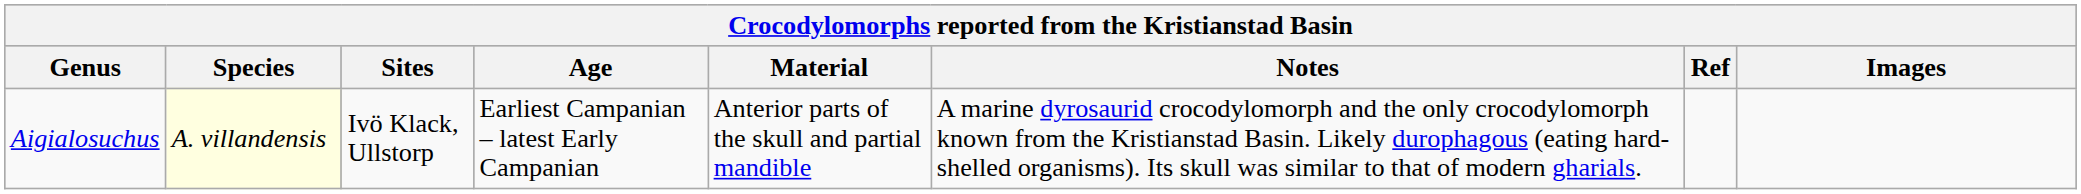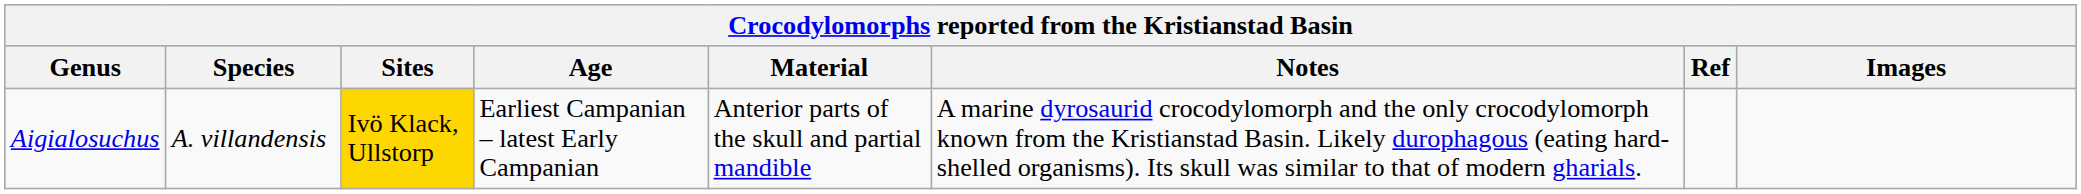 <table class="wikitable sortable mw-collapsible" style="width:100%">
 <tr>
 <th colspan="8" style="text-align:center;"><strong><a href='#'>Crocodylomorphs</a> reported from the Kristianstad Basin</strong></th>
 </tr>
 <tr>
 <th>Genus</th>
 <th width="100px">Species</th>
 <th>Sites</th>
 <th>Age</th>
 <th>Material</th>
 <th>Notes</th>
 <th>Ref</th>
 <th width="200px">Images</th>
 </tr>
 <tr>
 <td><em><a href='#'>Aigialosuchus</a></em></td>
-<td style="background: lightyellow;"><em>A. villandensis</em></td>
-<td>Ivö Klack, Ullstorp</td>
+<td><em>A. villandensis</em></td>
+<td style="background: gold;">Ivö Klack, Ullstorp</td>
 <td>Earliest Campanian – latest Early Campanian</td>
 <td>Anterior parts of the skull and partial <a href='#'>mandible</a></td>
 <td>A marine <a href='#'>dyrosaurid</a> crocodylomorph and the only crocodylomorph known from the Kristianstad Basin. Likely <a href='#'>durophagous</a> (eating hard-shelled organisms). Its skull was similar to that of modern <a href='#'>gharials</a>.</td>
 <td></td>
 <td></td>
 </tr>
 </table>
